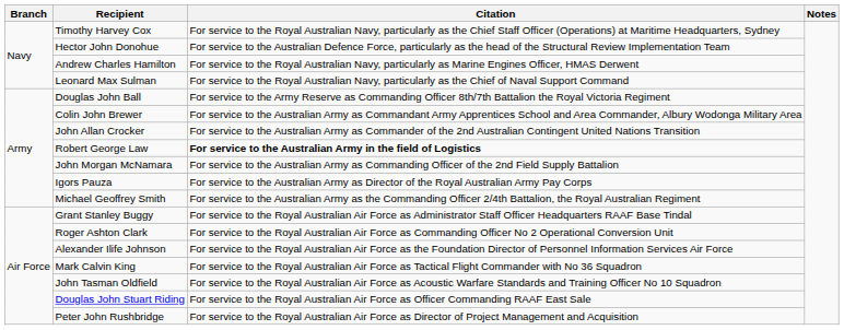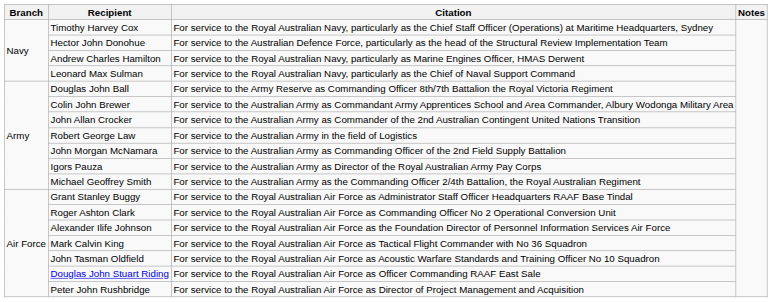 <table class="wikitable" style="font-size:95%;">
 <tr>
 <th>Branch</th>
 <th>Recipient</th>
 <th>Citation</th>
 <th>Notes</th>
 </tr>
 <tr>
 <td rowspan=4>Navy</td>
 <td> Timothy Harvey Cox</td>
 <td>For service to the Royal Australian Navy, particularly as the Chief Staff Officer (Operations) at Maritime Headquarters, Sydney</td>
 <td rowspan=18></td>
 </tr>
 <tr>
 <td> Hector John Donohue</td>
 <td>For service to the Australian Defence Force, particularly as the head of the Structural Review Implementation Team</td>
 </tr>
 <tr>
 <td> Andrew Charles Hamilton</td>
 <td>For service to the Royal Australian Navy, particularly as Marine Engines Officer, HMAS Derwent</td>
 </tr>
 <tr>
 <td> Leonard Max Sulman</td>
 <td>For service to the Royal Australian Navy, particularly as the Chief of Naval Support Command</td>
 </tr>
 <tr>
 <td rowspan=7>Army</td>
 <td> Douglas John Ball</td>
 <td>For service to the Army Reserve as Commanding Officer 8th/7th Battalion the Royal Victoria Regiment</td>
 </tr>
 <tr>
 <td> Colin John Brewer</td>
 <td>For service to the Australian Army as Commandant Army Apprentices School and Area Commander, Albury Wodonga Military Area</td>
 </tr>
 <tr>
 <td> John Allan Crocker</td>
 <td>For service to the Australian Army as Commander of the 2nd Australian Contingent United Nations Transition</td>
 </tr>
 <tr>
 <td> Robert George Law</td>
-<td><strong>For service to the Australian Army in the field of Logistics</strong></td>
+<td>For service to the Australian Army in the field of Logistics</td>
 </tr>
 <tr>
 <td> John Morgan McNamara</td>
 <td>For service to the Australian Army as Commanding Officer of the 2nd Field Supply Battalion</td>
 </tr>
 <tr>
 <td> Igors Pauza</td>
 <td>For service to the Australian Army as Director of the Royal Australian Army Pay Corps</td>
 </tr>
 <tr>
 <td> Michael Geoffrey Smith</td>
 <td>For service to the Australian Army as the Commanding Officer 2/4th Battalion, the Royal Australian Regiment</td>
 </tr>
 <tr>
 <td rowspan=7>Air Force</td>
 <td> Grant Stanley Buggy</td>
 <td>For service to the Royal Australian Air Force as Administrator Staff Officer Headquarters RAAF Base Tindal</td>
 </tr>
 <tr>
 <td> Roger Ashton Clark</td>
 <td>For service to the Royal Australian Air Force as Commanding Officer No 2 Operational Conversion Unit</td>
 </tr>
 <tr>
 <td> Alexander Ilife Johnson</td>
 <td>For service to the Royal Australian Air Force as the Foundation Director of Personnel Information Services Air Force</td>
 </tr>
 <tr>
 <td> Mark Calvin King</td>
 <td>For service to the Royal Australian Air Force as Tactical Flight Commander with No 36 Squadron</td>
 </tr>
 <tr>
 <td> John Tasman Oldfield</td>
 <td>For service to the Royal Australian Air Force as Acoustic Warfare Standards and Training Officer No 10 Squadron</td>
 </tr>
 <tr>
 <td> <a href='#'>Douglas John Stuart Riding</a></td>
 <td>For service to the Royal Australian Air Force as Officer Commanding RAAF East Sale</td>
 </tr>
 <tr>
 <td> Peter John Rushbridge</td>
 <td>For service to the Royal Australian Air Force as Director of Project Management and Acquisition</td>
 </tr>
 </table>
